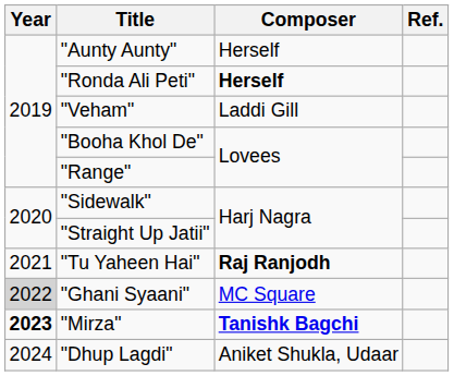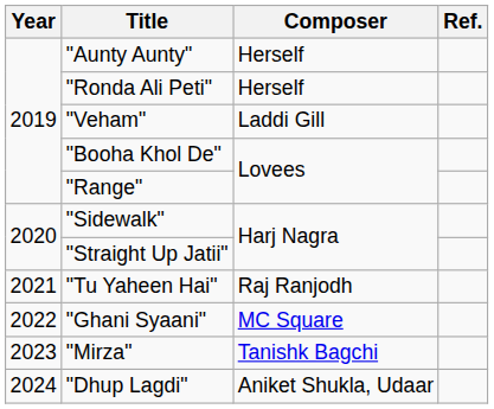 <table class="wikitable">
 <tr>
 <th>Year</th>
 <th>Title</th>
 <th>Composer</th>
 <th>Ref.</th>
 </tr>
 <tr>
 <td rowspan="5">2019</td>
 <td>"Aunty Aunty"</td>
 <td>Herself</td>
 <td></td>
 </tr>
 <tr>
 <td>"Ronda Ali Peti"</td>
-<td><strong>Herself</strong></td>
+<td>Herself</td>
 <td></td>
 </tr>
 <tr>
 <td>"Veham"</td>
 <td>Laddi Gill</td>
 <td></td>
 </tr>
 <tr>
 <td>"Booha Khol De"</td>
 <td rowspan="2">Lovees</td>
 <td></td>
 </tr>
 <tr>
 <td>"Range"</td>
 <td></td>
 </tr>
 <tr>
 <td rowspan="2">2020</td>
 <td>"Sidewalk"</td>
 <td rowspan="2">Harj Nagra</td>
 <td></td>
 </tr>
 <tr>
 <td>"Straight Up Jatii"</td>
 <td></td>
 </tr>
 <tr>
 <td>2021</td>
 <td>"Tu Yaheen Hai"</td>
-<td><strong>Raj Ranjodh</strong></td>
+<td>Raj Ranjodh</td>
 <td></td>
 </tr>
 <tr>
-<td style="background: lightgrey;">2022</td>
+<td>2022</td>
 <td>"Ghani Syaani"</td>
 <td><a href='#'>MC Square</a></td>
 <td></td>
 </tr>
 <tr>
-<td><strong>2023</strong></td>
+<td>2023</td>
 <td>"Mirza"</td>
-<td><strong><a href='#'>Tanishk Bagchi</a></strong></td>
+<td><a href='#'>Tanishk Bagchi</a></td>
 <td></td>
 </tr>
 <tr>
 <td>2024</td>
 <td>"Dhup Lagdi"</td>
 <td>Aniket Shukla, Udaar</td>
 <td></td>
 </tr>
 </table>
